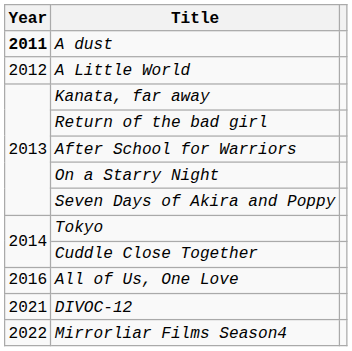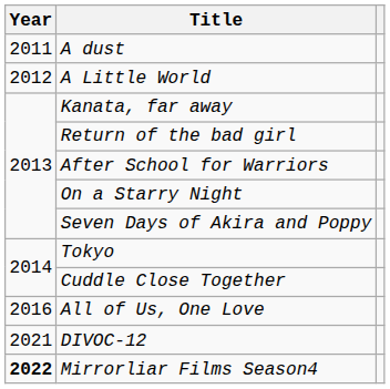 <table class="wikitable sortable">
 <tr>
 <th>Year</th>
 <th>Title</th>
 <th class="unsortable"></th>
 </tr>
 <tr>
-<td><strong>2011</strong></td>
+<td>2011</td>
 <td><em>A dust</em></td>
 <td></td>
 </tr>
 <tr>
 <td>2012</td>
 <td><em>A Little World</em></td>
 <td></td>
 </tr>
 <tr>
 <td rowspan=5>2013</td>
 <td><em>Kanata, far away</em></td>
 <td></td>
 </tr>
 <tr>
 <td><em>Return of the bad girl</em></td>
 <td></td>
 </tr>
 <tr>
 <td><em>After School for Warriors</em></td>
 <td></td>
 </tr>
 <tr>
 <td><em>On a Starry Night</em></td>
 <td></td>
 </tr>
 <tr>
 <td><em>Seven Days of Akira and Poppy</em></td>
 <td></td>
 </tr>
 <tr>
 <td rowspan=2>2014</td>
 <td><em>Tokyo</em></td>
 <td></td>
 </tr>
 <tr>
 <td><em>Cuddle Close Together</em></td>
 <td></td>
 </tr>
 <tr>
 <td>2016</td>
 <td><em>All of Us, One Love</em></td>
 <td></td>
 </tr>
 <tr>
 <td>2021</td>
 <td><em>DIVOC-12</em></td>
 <td></td>
 </tr>
 <tr>
-<td>2022</td>
+<td><strong>2022</strong></td>
 <td><em>Mirrorliar Films Season4</em></td>
 <td></td>
 </tr>
 </table>
